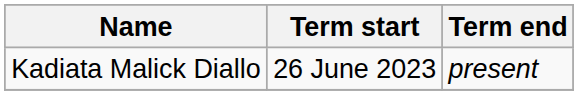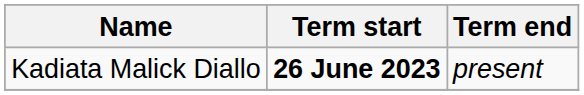 <table class="wikitable" style="font-size:95%;">
 <tr>
 <th>Name</th>
 <th>Term start</th>
 <th>Term end</th>
 </tr>
 <tr>
 <td>Kadiata Malick Diallo</td>
-<td>26 June 2023</td>
+<td><strong>26 June 2023</strong></td>
 <td><em>present</em></td>
 </tr>
 <tr>
 </tr>
 </table>
